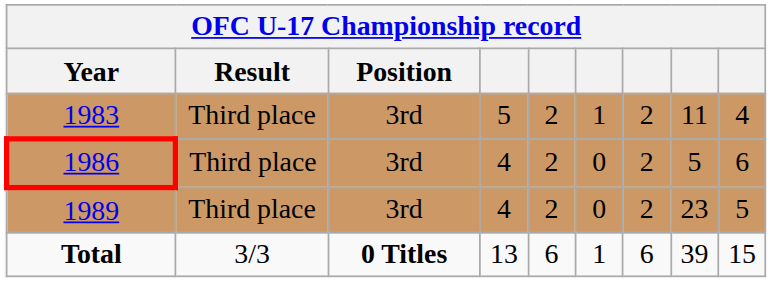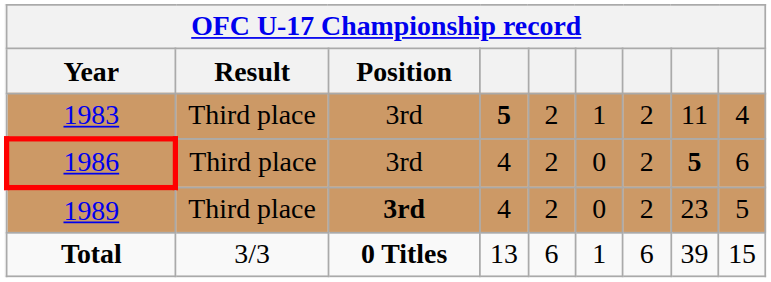 <table class="wikitable" style="text-align: center;">
 <tr>
 <th colspan="9"><a href='#'>OFC U-17 Championship record</a></th>
 </tr>
 <tr>
 <th width="90">Year</th>
 <th width="80">Result</th>
 <th width="80">Position</th>
 <th width="20"></th>
 <th width="20"></th>
 <th width="20"></th>
 <th width="20"></th>
 <th width="20"></th>
 <th width="20"></th>
 </tr>
 <tr bgcolor=cc9966>
 <td> <a href='#'>1983</a></td>
 <td>Third place</td>
 <td>3rd</td>
-<td>5</td>
+<td><strong>5</strong></td>
 <td>2</td>
 <td>1</td>
 <td>2</td>
 <td>11</td>
 <td>4</td>
 </tr>
 <tr bgcolor=cc9966>
 <td style="border: 3px solid red"> <a href='#'>1986</a></td>
 <td>Third place</td>
 <td>3rd</td>
 <td>4</td>
 <td>2</td>
 <td>0</td>
 <td>2</td>
-<td>5</td>
+<td><strong>5</strong></td>
 <td>6</td>
 </tr>
 <tr bgcolor=cc9966>
 <td> <a href='#'>1989</a></td>
 <td>Third place</td>
-<td>3rd</td>
+<td><strong>3rd</strong></td>
 <td>4</td>
 <td>2</td>
 <td>0</td>
 <td>2</td>
 <td>23</td>
 <td>5</td>
 </tr>
 <tr>
 <td><strong>Total</strong></td>
 <td>3/3</td>
 <td><strong>0 Titles</strong></td>
 <td>13</td>
 <td>6</td>
 <td>1</td>
 <td>6</td>
 <td>39</td>
 <td>15</td>
 </tr>
 </table>
